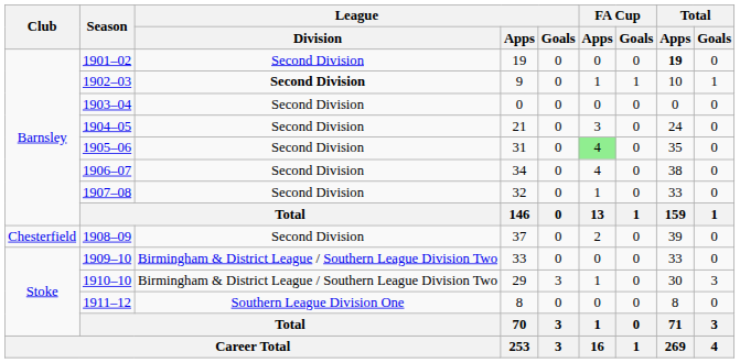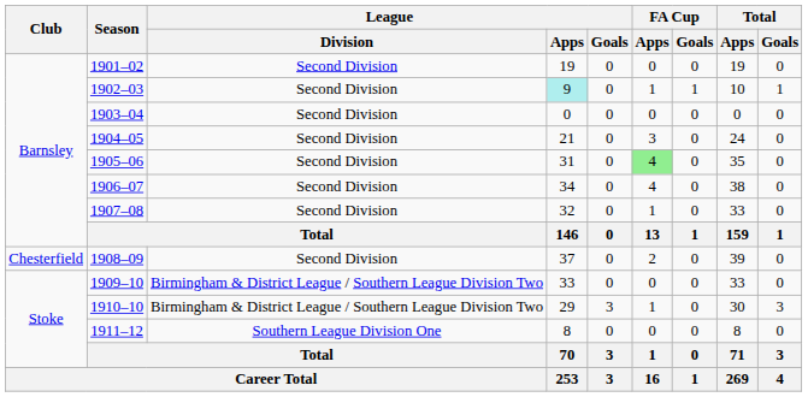 <table class="wikitable" style="text-align: center;">
 <tr>
 <th rowspan="2">Club</th>
 <th rowspan="2">Season</th>
 <th colspan="3">League</th>
 <th colspan="2">FA Cup</th>
 <th colspan="2">Total</th>
 </tr>
 <tr>
 <th>Division</th>
 <th>Apps</th>
 <th>Goals</th>
 <th>Apps</th>
 <th>Goals</th>
 <th>Apps</th>
 <th>Goals</th>
 </tr>
 <tr>
 <td rowspan="8"><a href='#'>Barnsley</a></td>
 <td><a href='#'>1901–02</a></td>
 <td><a href='#'>Second Division</a></td>
 <td>19</td>
 <td>0</td>
 <td>0</td>
 <td>0</td>
-<td><strong>19</strong></td>
+<td>19</td>
 <td>0</td>
 </tr>
 <tr>
 <td><a href='#'>1902–03</a></td>
-<td><strong>Second Division</strong></td>
-<td>9</td>
+<td>Second Division</td>
+<td style="background: paleturquoise;">9</td>
 <td>0</td>
 <td>1</td>
 <td>1</td>
 <td>10</td>
 <td>1</td>
 </tr>
 <tr>
 <td><a href='#'>1903–04</a></td>
 <td>Second Division</td>
 <td>0</td>
 <td>0</td>
 <td>0</td>
 <td>0</td>
 <td>0</td>
 <td>0</td>
 </tr>
 <tr>
 <td><a href='#'>1904–05</a></td>
 <td>Second Division</td>
 <td>21</td>
 <td>0</td>
 <td>3</td>
 <td>0</td>
 <td>24</td>
 <td>0</td>
 </tr>
 <tr>
 <td><a href='#'>1905–06</a></td>
 <td>Second Division</td>
 <td>31</td>
 <td>0</td>
 <td style="background: lightgreen;">4</td>
 <td>0</td>
 <td>35</td>
 <td>0</td>
 </tr>
 <tr>
 <td><a href='#'>1906–07</a></td>
 <td>Second Division</td>
 <td>34</td>
 <td>0</td>
 <td>4</td>
 <td>0</td>
 <td>38</td>
 <td>0</td>
 </tr>
 <tr>
 <td><a href='#'>1907–08</a></td>
 <td>Second Division</td>
 <td>32</td>
 <td>0</td>
 <td>1</td>
 <td>0</td>
 <td>33</td>
 <td>0</td>
 </tr>
 <tr>
 <th colspan=2>Total</th>
 <th>146</th>
 <th>0</th>
 <th>13</th>
 <th>1</th>
 <th>159</th>
 <th>1</th>
 </tr>
 <tr>
 <td><a href='#'>Chesterfield</a></td>
 <td><a href='#'>1908–09</a></td>
 <td>Second Division</td>
 <td>37</td>
 <td>0</td>
 <td>2</td>
 <td>0</td>
 <td>39</td>
 <td>0</td>
 </tr>
 <tr>
 <td rowspan="4"><a href='#'>Stoke</a></td>
 <td><a href='#'>1909–10</a></td>
 <td><a href='#'>Birmingham & District League</a> / <a href='#'>Southern League Division Two</a></td>
 <td>33</td>
 <td>0</td>
 <td>0</td>
 <td>0</td>
 <td>33</td>
 <td>0</td>
 </tr>
 <tr>
 <td><a href='#'>1910–10</a></td>
 <td>Birmingham & District League / Southern League Division Two</td>
 <td>29</td>
 <td>3</td>
 <td>1</td>
 <td>0</td>
 <td>30</td>
 <td>3</td>
 </tr>
 <tr>
 <td><a href='#'>1911–12</a></td>
 <td><a href='#'>Southern League Division One</a></td>
 <td>8</td>
 <td>0</td>
 <td>0</td>
 <td>0</td>
 <td>8</td>
 <td>0</td>
 </tr>
 <tr>
 <th colspan=2>Total</th>
 <th>70</th>
 <th>3</th>
 <th>1</th>
 <th>0</th>
 <th>71</th>
 <th>3</th>
 </tr>
 <tr>
 <th colspan="3">Career Total</th>
 <th>253</th>
 <th>3</th>
 <th>16</th>
 <th>1</th>
 <th>269</th>
 <th>4</th>
 </tr>
 </table>
